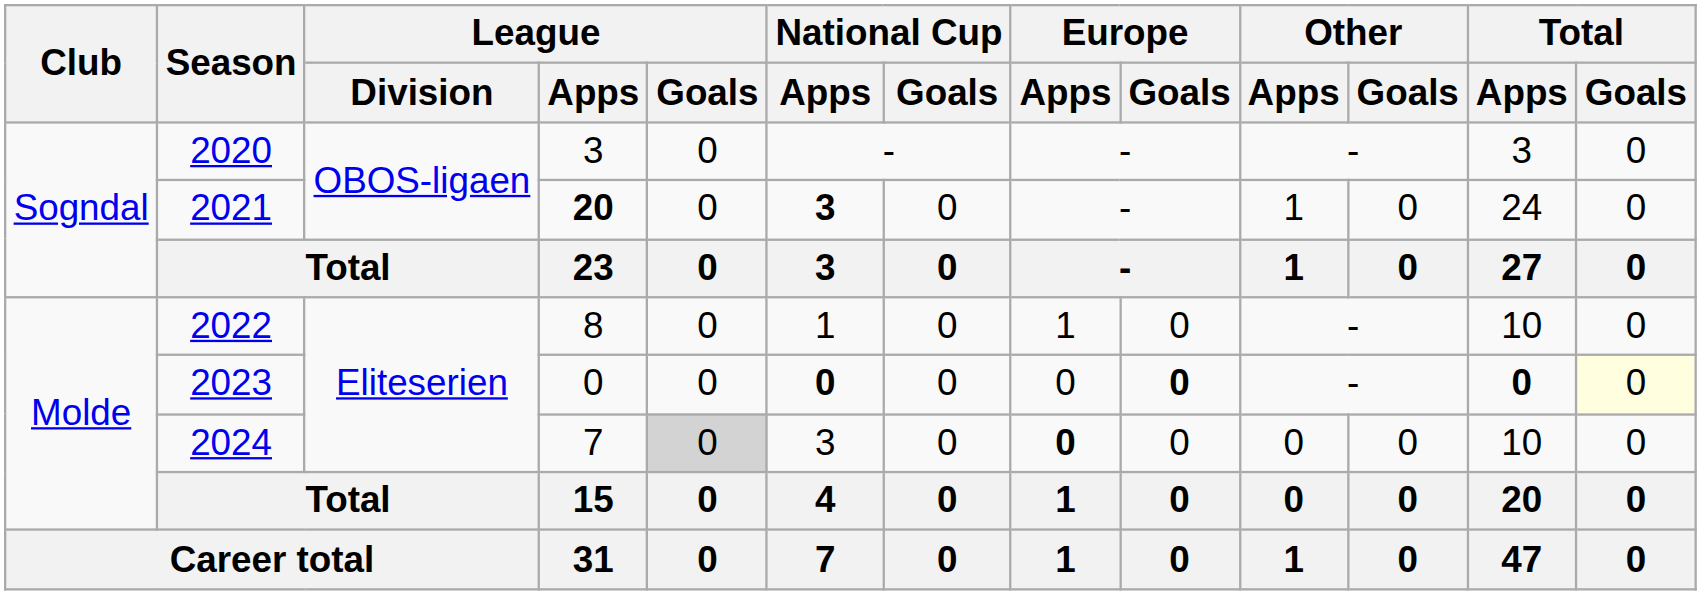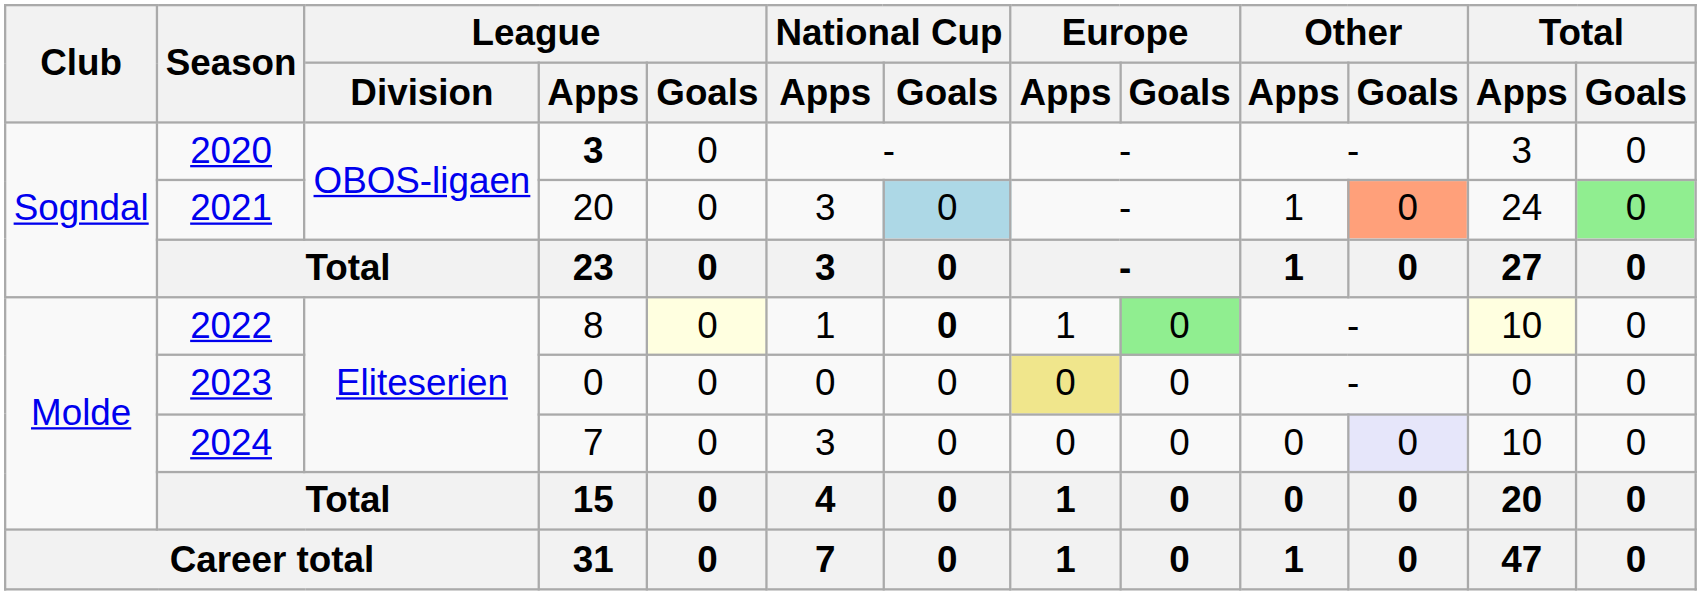 <table class="wikitable" style="text-align: center">
 <tr>
 <th rowspan="2">Club</th>
 <th rowspan="2">Season</th>
 <th colspan="3">League</th>
 <th colspan="2">National Cup</th>
 <th colspan="2">Europe</th>
 <th colspan="2">Other</th>
 <th colspan="2">Total</th>
 </tr>
 <tr>
 <th>Division</th>
 <th>Apps</th>
 <th>Goals</th>
 <th>Apps</th>
 <th>Goals</th>
 <th>Apps</th>
 <th>Goals</th>
 <th>Apps</th>
 <th>Goals</th>
 <th>Apps</th>
 <th>Goals</th>
 </tr>
 <tr>
 <td rowspan=3><a href='#'>Sogndal</a></td>
 <td><a href='#'>2020</a></td>
 <td rowspan=2><a href='#'>OBOS-ligaen</a></td>
-<td>3</td>
+<td><strong>3</strong></td>
 <td>0</td>
 <td colspan="2">-</td>
 <td colspan="2">-</td>
 <td colspan="2">-</td>
 <td>3</td>
 <td>0</td>
 </tr>
 <tr>
 <td><a href='#'>2021</a></td>
-<td><strong>20</strong></td>
+<td>20</td>
 <td>0</td>
-<td><strong>3</strong></td>
-<td>0</td>
+<td>3</td>
+<td style="background: lightblue;">0</td>
 <td colspan="2">-</td>
 <td>1</td>
-<td>0</td>
+<td style="background: lightsalmon;">0</td>
 <td>24</td>
-<td>0</td>
+<td style="background: lightgreen;">0</td>
 </tr>
 <tr>
 <th colspan=2>Total</th>
 <th>23</th>
 <th>0</th>
 <th>3</th>
 <th>0</th>
 <th colspan="2">-</th>
 <th>1</th>
 <th>0</th>
 <th>27</th>
 <th>0</th>
 </tr>
 <tr>
 <td rowspan=4><a href='#'>Molde</a></td>
 <td><a href='#'>2022</a></td>
 <td rowspan=3><a href='#'>Eliteserien</a></td>
 <td>8</td>
-<td>0</td>
+<td style="background: lightyellow;">0</td>
 <td>1</td>
-<td>0</td>
+<td><strong>0</strong></td>
 <td>1</td>
-<td>0</td>
+<td style="background: lightgreen;">0</td>
 <td colspan="2">-</td>
-<td>10</td>
+<td style="background: lightyellow;">10</td>
 <td>0</td>
 </tr>
 <tr>
 <td><a href='#'>2023</a></td>
 <td>0</td>
 <td>0</td>
-<td><strong>0</strong></td>
 <td>0</td>
 <td>0</td>
-<td><strong>0</strong></td>
+<td style="background: khaki;">0</td>
+<td>0</td>
 <td colspan="2">-</td>
-<td><strong>0</strong></td>
-<td style="background: lightyellow;">0</td>
+<td>0</td>
+<td>0</td>
 </tr>
 <tr>
 <td><a href='#'>2024</a></td>
 <td>7</td>
-<td style="background: lightgrey;">0</td>
+<td>0</td>
 <td>3</td>
-<td>0</td>
-<td><strong>0</strong></td>
 <td>0</td>
 <td>0</td>
 <td>0</td>
+<td>0</td>
+<td style="background: lavender;">0</td>
 <td>10</td>
 <td>0</td>
 </tr>
 <tr>
 <th colspan=2>Total</th>
 <th>15</th>
 <th>0</th>
 <th>4</th>
 <th>0</th>
 <th>1</th>
 <th>0</th>
 <th>0</th>
 <th>0</th>
 <th>20</th>
 <th>0</th>
 </tr>
 <tr>
 <th colspan="3">Career total</th>
 <th>31</th>
 <th>0</th>
 <th>7</th>
 <th>0</th>
 <th>1</th>
 <th>0</th>
 <th>1</th>
 <th>0</th>
 <th>47</th>
 <th>0</th>
 </tr>
 </table>
